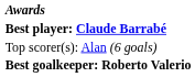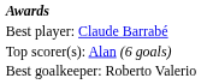 <table width=100% cellspacing=1 style="font-size: 90%;">
 <tr>
 <td><strong><em>Awards</em></strong></td>
 </tr>
 <tr>
-<td><strong>Best player:  <a href='#'>Claude Barrabé</a></strong></td>
+<td>Best player:  <a href='#'>Claude Barrabé</a></td>
 </tr>
 <tr>
 <td colspan=4>Top scorer(s):  <a href='#'>Alan</a> <em>(6 goals)</em></td>
 </tr>
 <tr>
-<td><strong>Best goalkeeper:  Roberto Valerio</strong></td>
+<td>Best goalkeeper:  Roberto Valerio</td>
 </tr>
 </table>
